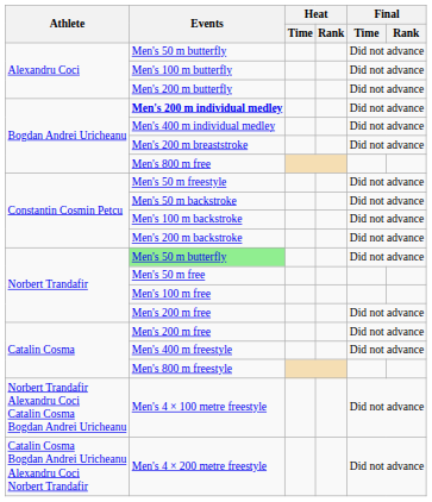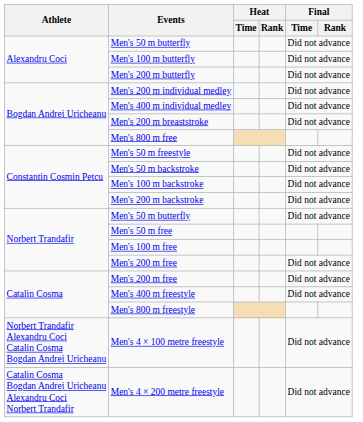 <table class=wikitable style="font-size:90%">
 <tr>
 <th rowspan="2">Athlete</th>
 <th rowspan="2">Events</th>
 <th colspan="2">Heat</th>
 <th colspan="2">Final</th>
 </tr>
 <tr>
 <th>Time</th>
 <th>Rank</th>
 <th>Time</th>
 <th>Rank</th>
 </tr>
 <tr>
 <td rowspan="3"><a href='#'>Alexandru Coci</a></td>
 <td><a href='#'>Men's 50 m butterfly</a></td>
 <td></td>
 <td></td>
 <td align=center colspan="2">Did not advance</td>
 </tr>
 <tr>
 <td><a href='#'>Men's 100 m butterfly</a></td>
 <td></td>
 <td></td>
 <td align=center colspan="2">Did not advance</td>
 </tr>
 <tr>
 <td><a href='#'>Men's 200 m butterfly</a></td>
 <td></td>
 <td></td>
 <td align=center colspan="2">Did not advance</td>
 </tr>
 <tr>
 <td rowspan="4"><a href='#'>Bogdan Andrei Uricheanu</a></td>
-<td><strong><a href='#'>Men's 200 m individual medley</a></strong></td>
+<td><a href='#'>Men's 200 m individual medley</a></td>
 <td></td>
 <td></td>
 <td align=center colspan="2">Did not advance</td>
 </tr>
 <tr>
 <td><a href='#'>Men's 400 m individual medley</a></td>
 <td></td>
 <td></td>
 <td align=center colspan="2">Did not advance</td>
 </tr>
 <tr>
 <td><a href='#'>Men's 200 m breaststroke</a></td>
 <td></td>
 <td></td>
 <td align=center colspan="2">Did not advance</td>
 </tr>
 <tr>
 <td><a href='#'>Men's 800 m free</a></td>
 <td align=center bgcolor=wheat colspan=2></td>
 <td></td>
 <td></td>
 </tr>
 <tr>
 <td rowspan="4"><a href='#'>Constantin Cosmin Petcu</a></td>
 <td><a href='#'>Men's 50 m freestyle</a></td>
 <td></td>
 <td></td>
 <td align=center colspan="2">Did not advance</td>
 </tr>
 <tr>
 <td><a href='#'>Men's 50 m backstroke</a></td>
 <td></td>
 <td></td>
 <td align=center colspan="2">Did not advance</td>
 </tr>
 <tr>
 <td><a href='#'>Men's 100 m backstroke</a></td>
 <td></td>
 <td></td>
 <td align=center colspan="2">Did not advance</td>
 </tr>
 <tr>
 <td><a href='#'>Men's 200 m backstroke</a></td>
 <td></td>
 <td></td>
 <td align=center colspan="2">Did not advance</td>
 </tr>
 <tr>
 <td rowspan="4"><a href='#'>Norbert Trandafir</a></td>
-<td style="background: lightgreen;"><a href='#'>Men's 50 m butterfly</a></td>
+<td><a href='#'>Men's 50 m butterfly</a></td>
 <td></td>
 <td></td>
 <td align=center colspan="2">Did not advance</td>
 </tr>
 <tr>
 <td><a href='#'>Men's 50 m free</a></td>
 <td></td>
 <td></td>
 <td></td>
 <td></td>
 </tr>
 <tr>
 <td><a href='#'>Men's 100 m free</a></td>
 <td></td>
 <td></td>
 <td></td>
 <td></td>
 </tr>
 <tr>
 <td><a href='#'>Men's 200 m free</a></td>
 <td></td>
 <td></td>
 <td align=center colspan="2">Did not advance</td>
 </tr>
 <tr>
 <td rowspan="3"><a href='#'>Catalin Cosma</a></td>
 <td><a href='#'>Men's 200 m free</a></td>
 <td></td>
 <td></td>
 <td align=center colspan="2">Did not advance</td>
 </tr>
 <tr>
 <td><a href='#'>Men's 400 m freestyle</a></td>
 <td></td>
 <td></td>
 <td align=center colspan="2">Did not advance</td>
 </tr>
 <tr>
 <td><a href='#'>Men's 800 m freestyle</a></td>
 <td align=center bgcolor=wheat colspan=2></td>
 <td></td>
 <td></td>
 </tr>
 <tr>
 <td rowspan="1"><a href='#'>Norbert Trandafir</a><br><a href='#'>Alexandru Coci</a><br><a href='#'>Catalin Cosma</a><br><a href='#'>Bogdan Andrei Uricheanu</a></td>
 <td><a href='#'>Men's 4 × 100 metre freestyle</a></td>
 <td></td>
 <td></td>
 <td align=center colspan="2">Did not advance</td>
 </tr>
 <tr>
 <td rowspan="1"><a href='#'>Catalin Cosma</a><br><a href='#'>Bogdan Andrei Uricheanu</a><br><a href='#'>Alexandru Coci</a><br><a href='#'>Norbert Trandafir</a></td>
 <td><a href='#'>Men's 4 × 200 metre freestyle</a></td>
 <td></td>
 <td></td>
 <td align=center colspan="2">Did not advance</td>
 </tr>
 </table>
